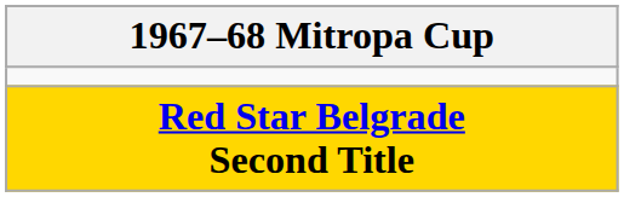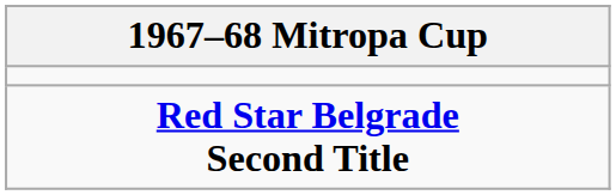 <table class="wikitable" style="margin: 0 auto; width: 20%;">
 <tr>
 <th>1967–68 Mitropa Cup</th>
 </tr>
 <tr>
 <td align=center></td>
 </tr>
 <tr>
-<td align=center style="background: gold;"><strong><a href='#'>Red Star Belgrade</a></strong><br><strong>Second Title</strong> <br></td>
+<td align=center><strong><a href='#'>Red Star Belgrade</a></strong><br><strong>Second Title</strong> <br></td>
 </tr>
 </table>
